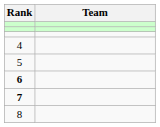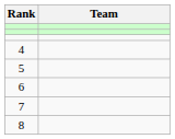 <table class="wikitable">
 <tr>
 <th>Rank</th>
 <th width=170>Team</th>
 </tr>
 <tr bgcolor=ccffcc>
 <td align=center></td>
 <td></td>
 </tr>
 <tr bgcolor=ccffcc>
 <td align=center></td>
 <td></td>
 </tr>
 <tr>
 <td align=center></td>
 <td></td>
 </tr>
 <tr>
 <td align=center>4</td>
 <td></td>
 </tr>
 <tr>
 <td align=center>5</td>
 <td></td>
 </tr>
 <tr>
-<td align=center><strong>6</strong></td>
+<td align=center>6</td>
 <td></td>
 </tr>
 <tr>
-<td align=center><strong>7</strong></td>
+<td align=center>7</td>
 <td></td>
 </tr>
 <tr>
 <td align=center>8</td>
 <td></td>
 </tr>
 </table>
